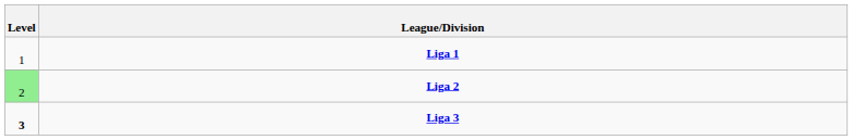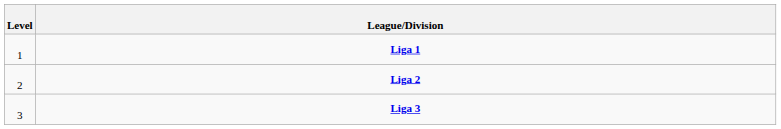 <table class="wikitable" style="text-align: center;">
 <tr>
 <th colspan="1" width="4%"><br>Level</th>
 <th colspan="18" width="96%"><br>League/Division</th>
 </tr>
 <tr>
 <td colspan="1" width="4%"><br>1</td>
 <td colspan="18" width="96%"><strong><a href='#'>Liga 1</a></strong></td>
 </tr>
 <tr>
-<td colspan="1" width="4%" style="background: lightgreen;"><br>2</td>
+<td colspan="1" width="4%"><br>2</td>
 <td colspan="18" width="96%"><strong><a href='#'>Liga 2</a></strong></td>
 </tr>
 <tr>
-<td colspan="1" width="4%"><strong><br>3</strong></td>
+<td colspan="1" width="4%"><br>3</td>
 <td colspan="18" width="96%"><strong><a href='#'>Liga 3</a></strong></td>
 </tr>
 </table>
